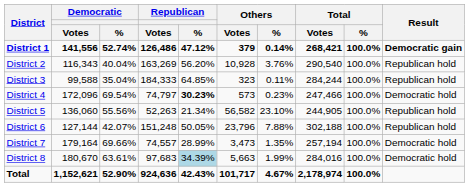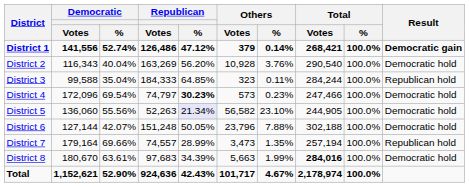 <table class="wikitable plainrowheaders sortable" style="font-size:100%; text-align:right;">
 <tr>
 <th scope=col rowspan=3><a href='#'>District</a></th>
 <th scope=col colspan=2><a href='#'>Democratic</a></th>
 <th scope=col colspan=2><a href='#'>Republican</a></th>
 <th scope=col colspan=2 rowspan=2>Others</th>
 <th scope=col colspan=2 rowspan=2>Total</th>
 <th scope=col rowspan=3>Result</th>
 </tr>
 <tr>
 <th scope=col colspan=2 style="background:"></th>
 <th scope=col colspan=2 style="background:"></th>
 </tr>
 <tr>
 <th scope=col data-sort-type="number">Votes</th>
 <th scope=col data-sort-type="number">%</th>
 <th scope=col data-sort-type="number">Votes</th>
 <th scope=col data-sort-type="number">%</th>
 <th scope=col data-sort-type="number">Votes</th>
 <th scope=col data-sort-type="number">%</th>
 <th scope=col data-sort-type="number">Votes</th>
 <th scope=col data-sort-type="number">%</th>
 </tr>
 <tr>
 <td align=left><strong><a href='#'>District 1</a></strong></td>
 <td><strong>141,556</strong></td>
 <td><strong>52.74%</strong></td>
 <td><strong>126,486</strong></td>
 <td><strong>47.12%</strong></td>
 <td><strong>379</strong></td>
 <td><strong>0.14%</strong></td>
 <td><strong>268,421</strong></td>
 <td><strong>100.0%</strong></td>
 <td align=left><strong>Democratic gain</strong></td>
 </tr>
 <tr>
 <td align=left><a href='#'>District 2</a></td>
 <td>116,343</td>
 <td>40.04%</td>
 <td>163,269</td>
 <td>56.20%</td>
 <td>10,928</td>
 <td>3.76%</td>
 <td>290,540</td>
 <td>100.0%</td>
-<td align=left>Republican hold</td>
+<td align=left>Democratic hold</td>
 </tr>
 <tr>
 <td align=left><a href='#'>District 3</a></td>
 <td>99,588</td>
 <td>35.04%</td>
 <td>184,333</td>
 <td>64.85%</td>
 <td>323</td>
 <td>0.11%</td>
 <td>284,244</td>
 <td>100.0%</td>
 <td align=left>Republican hold</td>
 </tr>
 <tr>
 <td align=left><a href='#'>District 4</a></td>
 <td>172,096</td>
 <td>69.54%</td>
 <td>74,797</td>
 <td><strong>30.23%</strong></td>
 <td>573</td>
 <td>0.23%</td>
 <td>247,466</td>
 <td>100.0%</td>
 <td align=left>Democratic hold</td>
 </tr>
 <tr>
 <td align=left><a href='#'>District 5</a></td>
 <td>136,060</td>
 <td>55.56%</td>
 <td>52,263</td>
-<td>21.34%</td>
+<td style="background: lavender;">21.34%</td>
 <td>56,582</td>
 <td>23.10%</td>
 <td>244,905</td>
 <td>100.0%</td>
-<td align=left>Republican hold</td>
+<td align=left>Democratic hold</td>
 </tr>
 <tr>
 <td align=left><a href='#'>District 6</a></td>
 <td>127,144</td>
 <td>42.07%</td>
 <td>151,248</td>
 <td>50.05%</td>
 <td>23,796</td>
 <td>7.88%</td>
 <td>302,188</td>
 <td>100.0%</td>
-<td align=left>Republican hold</td>
+<td align=left>Democratic hold</td>
 </tr>
 <tr>
 <td align=left><a href='#'>District 7</a></td>
 <td>179,164</td>
 <td>69.66%</td>
 <td>74,557</td>
 <td>28.99%</td>
 <td>3,473</td>
 <td>1.35%</td>
 <td>257,194</td>
 <td>100.0%</td>
-<td align=left>Democratic hold</td>
+<td align=left>Republican hold</td>
 </tr>
 <tr>
 <td align=left><a href='#'>District 8</a></td>
 <td>180,670</td>
 <td>63.61%</td>
 <td>97,683</td>
-<td style="background: lightblue;">34.39%</td>
+<td>34.39%</td>
 <td>5,663</td>
 <td>1.99%</td>
-<td>284,016</td>
+<td><strong>284,016</strong></td>
 <td>100.0%</td>
 <td align=left>Democratic hold</td>
 </tr>
 <tr class="sortbottom" style="font-weight:bold">
 <td align=left>Total</td>
 <td>1,152,621</td>
 <td>52.90%</td>
 <td>924,636</td>
 <td>42.43%</td>
 <td>101,717</td>
 <td>4.67%</td>
 <td>2,178,974</td>
 <td>100.0%</td>
 <td></td>
 </tr>
 </table>
